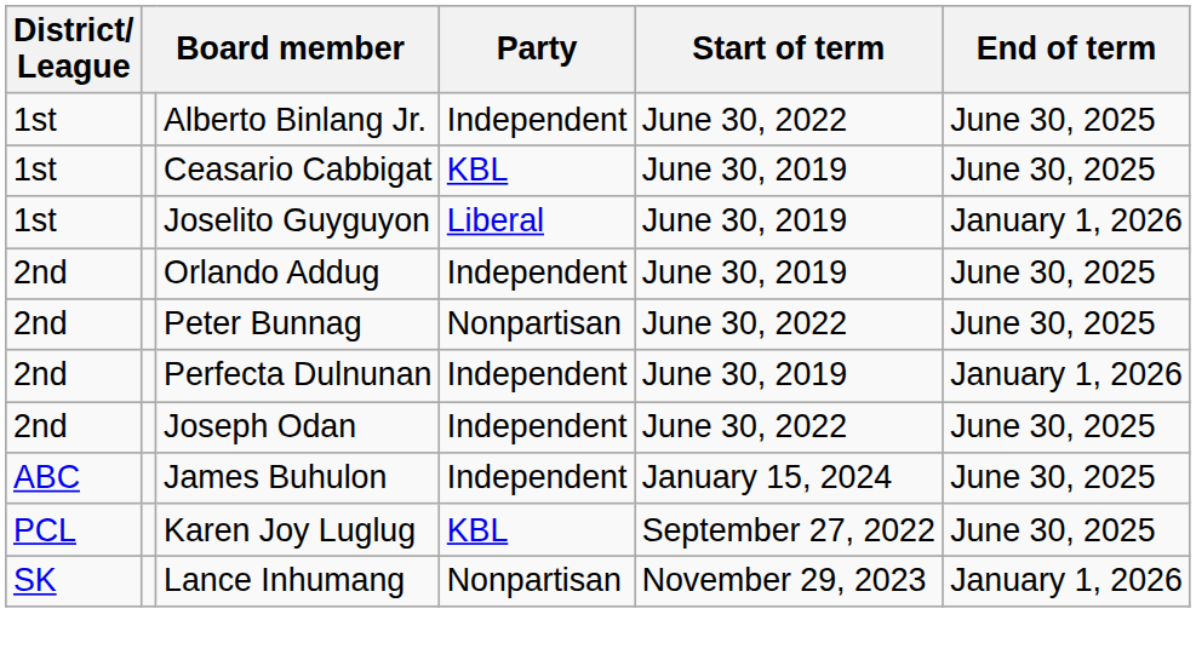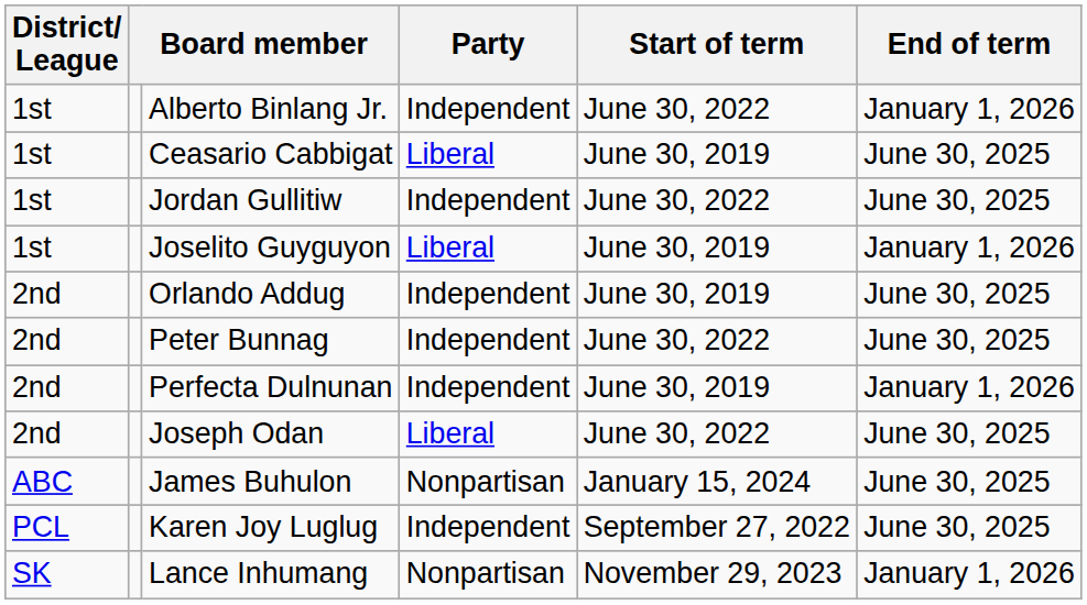 <table class="wikitable">
 <tr>
 <th>District/<br>League</th>
 <th colspan="2">Board member</th>
 <th>Party</th>
 <th>Start of term</th>
 <th>End of term</th>
 </tr>
 <tr>
 <td>1st</td>
 <td></td>
 <td>Alberto Binlang Jr.</td>
 <td>Independent</td>
 <td>June 30, 2022</td>
+<td>January 1, 2026</td>
+</tr>
+<tr>
+<td>1st</td>
+<td></td>
+<td>Ceasario Cabbigat</td>
+<td><a href='#'>Liberal</a></td>
+<td>June 30, 2019</td>
 <td>June 30, 2025</td>
 </tr>
 <tr>
 <td>1st</td>
 <td></td>
-<td>Ceasario Cabbigat</td>
-<td><a href='#'>KBL</a></td>
-<td>June 30, 2019</td>
+<td>Jordan Gullitiw</td>
+<td>Independent</td>
+<td>June 30, 2022</td>
 <td>June 30, 2025</td>
 </tr>
 <tr>
 <td>1st</td>
 <td></td>
 <td>Joselito Guyguyon</td>
 <td><a href='#'>Liberal</a></td>
 <td>June 30, 2019</td>
 <td>January 1, 2026</td>
 </tr>
 <tr>
 <td>2nd</td>
 <td></td>
 <td>Orlando Addug</td>
 <td>Independent</td>
 <td>June 30, 2019</td>
 <td>June 30, 2025</td>
 </tr>
 <tr>
 <td>2nd</td>
 <td></td>
 <td>Peter Bunnag</td>
-<td>Nonpartisan</td>
+<td>Independent</td>
 <td>June 30, 2022</td>
 <td>June 30, 2025</td>
 </tr>
 <tr>
 <td>2nd</td>
 <td></td>
 <td>Perfecta Dulnunan</td>
 <td>Independent</td>
 <td>June 30, 2019</td>
 <td>January 1, 2026</td>
 </tr>
 <tr>
 <td>2nd</td>
 <td></td>
 <td>Joseph Odan</td>
-<td>Independent</td>
+<td><a href='#'>Liberal</a></td>
 <td>June 30, 2022</td>
 <td>June 30, 2025</td>
 </tr>
 <tr>
 <td><a href='#'>ABC</a></td>
 <td></td>
 <td>James Buhulon</td>
-<td>Independent</td>
+<td>Nonpartisan</td>
 <td>January 15, 2024</td>
 <td>June 30, 2025</td>
 </tr>
 <tr>
 <td><a href='#'>PCL</a></td>
 <td></td>
 <td>Karen Joy Luglug</td>
-<td><a href='#'>KBL</a></td>
+<td>Independent</td>
 <td>September 27, 2022</td>
 <td>June 30, 2025</td>
 </tr>
 <tr>
 <td><a href='#'>SK</a></td>
 <td></td>
 <td>Lance Inhumang</td>
 <td>Nonpartisan</td>
 <td>November 29, 2023</td>
 <td>January 1, 2026</td>
 </tr>
 </table>
